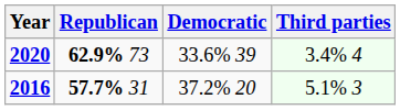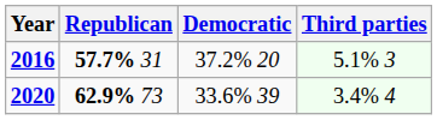 <table class="wikitable" style="font-size:95%;">
 <tr bgcolor=lightgrey>
 <th>Year</th>
 <th><a href='#'>Republican</a></th>
 <th><a href='#'>Democratic</a></th>
 <th><a href='#'>Third parties</a></th>
 </tr>
 <tr>
+<td style="text-align:center;" ><strong><a href='#'>2016</a></strong></td>
+<td style="text-align:center;" ><strong>57.7%</strong> <em>31</em></td>
+<td style="text-align:center;" >37.2% <em>20</em></td>
+<td style="text-align:center; background:honeyDew;">5.1% <em>3</em></td>
+</tr>
+<tr>
 <td style="text-align:center;" ><strong><a href='#'>2020</a></strong></td>
 <td style="text-align:center;" ><strong>62.9%</strong> <em>73</em></td>
 <td style="text-align:center;" >33.6% <em>39</em></td>
 <td style="text-align:center; background:honeyDew;">3.4% <em>4</em></td>
 </tr>
 <tr>
-<td style="text-align:center;" ><strong><a href='#'>2016</a></strong></td>
-<td style="text-align:center;" ><strong>57.7%</strong> <em>31</em></td>
-<td style="text-align:center;" >37.2% <em>20</em></td>
-<td style="text-align:center; background:honeyDew;">5.1% <em>3</em></td>
-</tr>
-<tr>
 </tr>
 </table>
